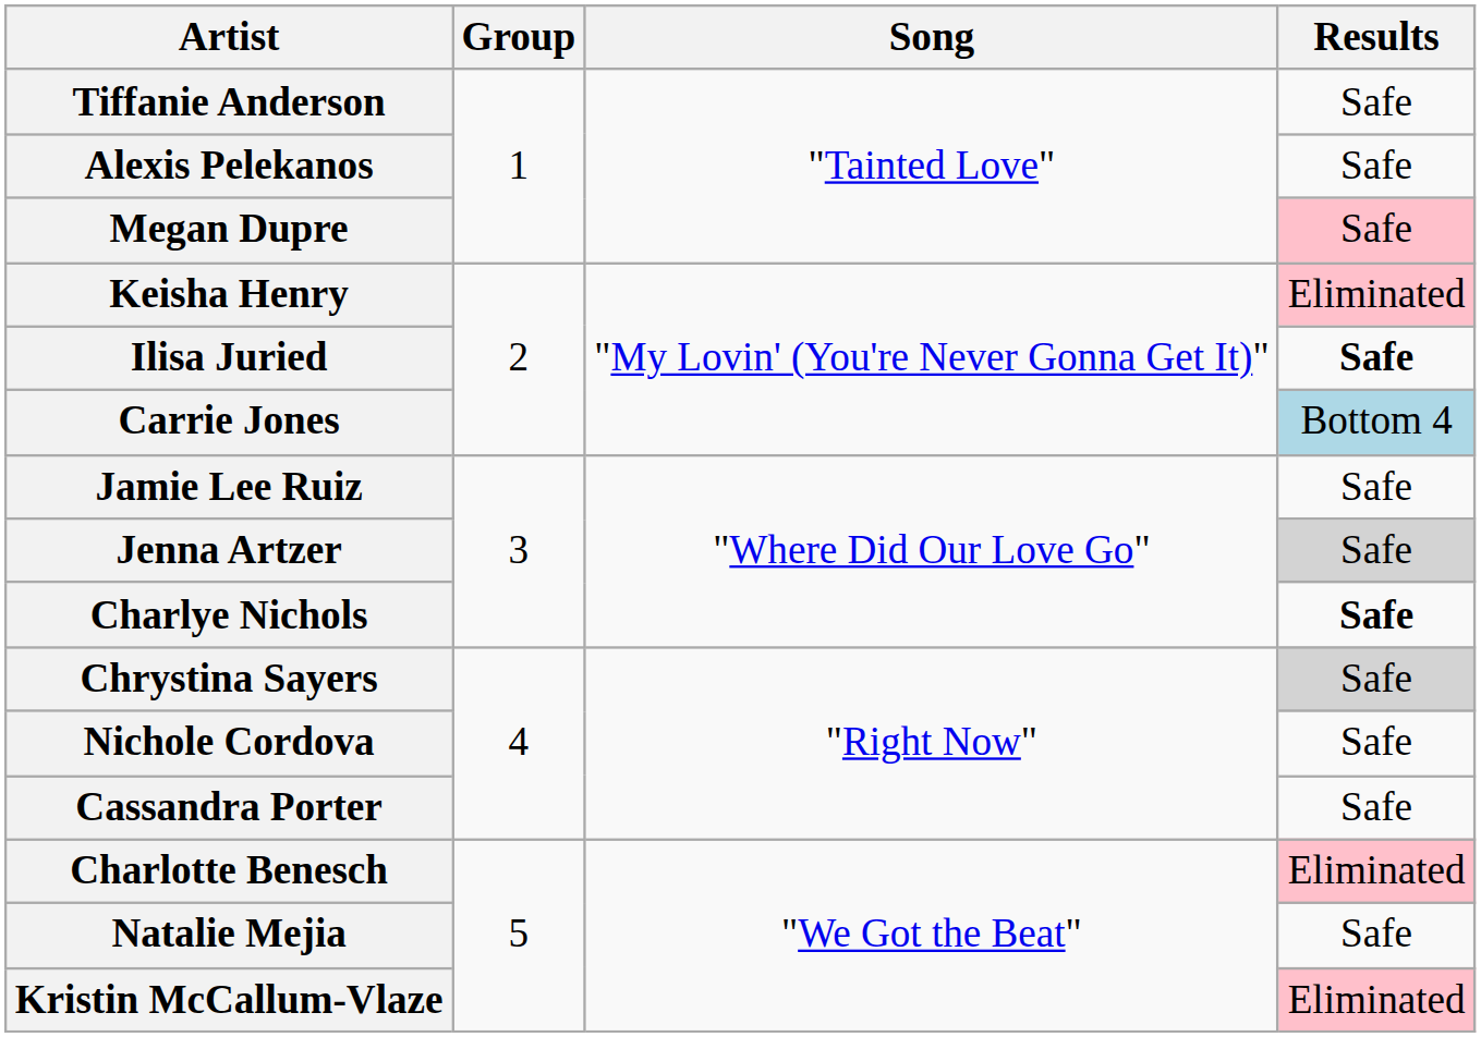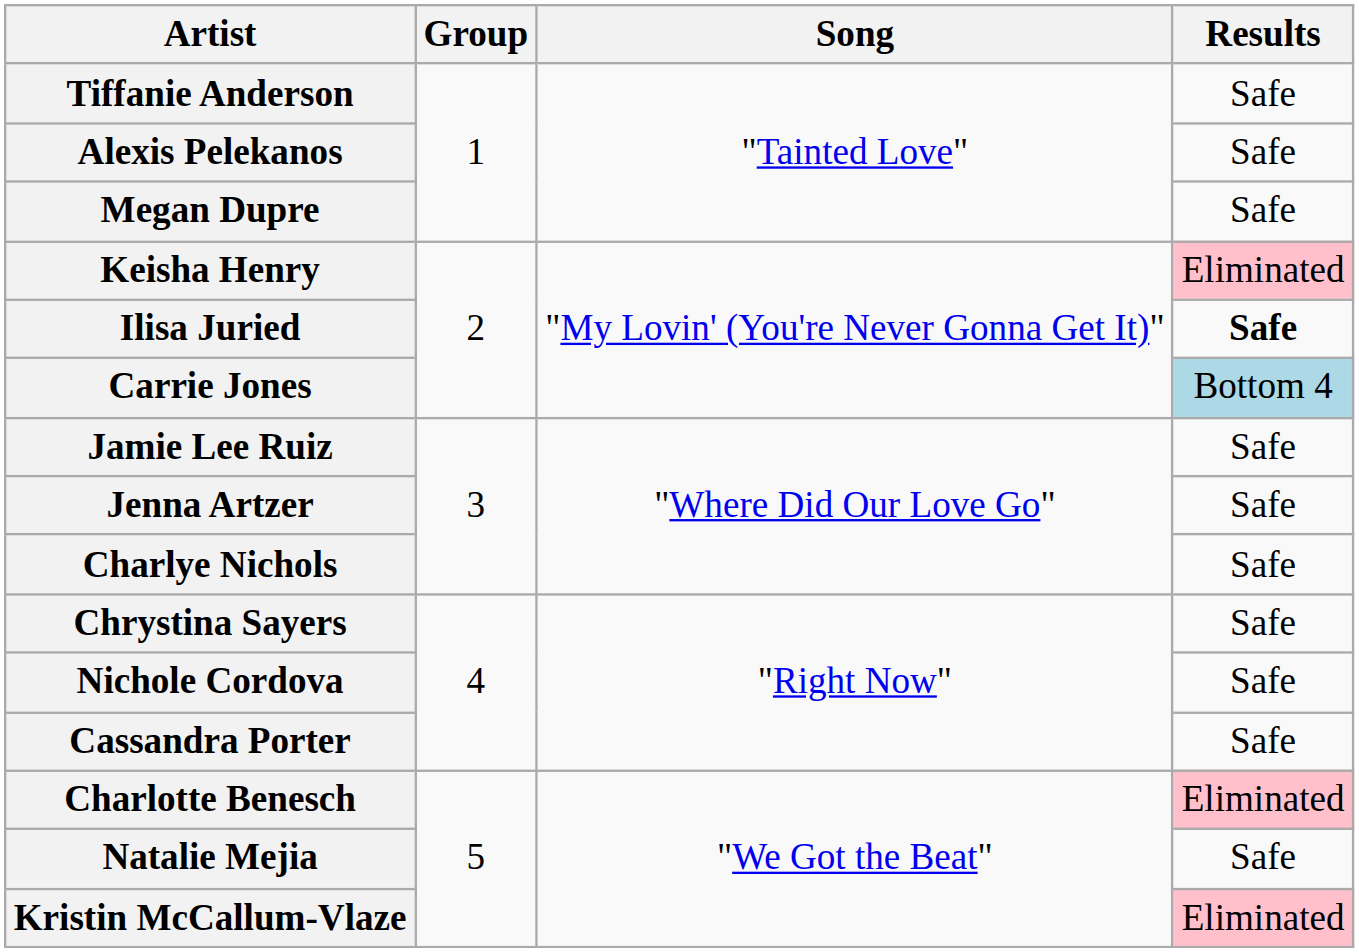 <table class="wikitable plainrowheaders" style="text-align:center;">
 <tr>
 <th scope="col">Artist</th>
 <th scope="col">Group</th>
 <th scope="col">Song</th>
 <th scope="col">Results</th>
 </tr>
 <tr>
 <th scope="row">Tiffanie Anderson</th>
 <td rowspan="3">1</td>
 <td rowspan="3">"<a href='#'>Tainted Love</a>"</td>
 <td>Safe</td>
 </tr>
 <tr>
 <th scope="row">Alexis Pelekanos</th>
 <td>Safe</td>
 </tr>
 <tr>
 <th scope="row">Megan Dupre</th>
-<td style="background: pink;">Safe</td>
+<td>Safe</td>
 </tr>
 <tr>
 <th scope="row">Keisha Henry</th>
 <td rowspan="3">2</td>
 <td rowspan="3">"<a href='#'>My Lovin' (You're Never Gonna Get It)</a>"</td>
 <td style="background:pink;">Eliminated</td>
 </tr>
 <tr>
 <th scope="row">Ilisa Juried</th>
 <td><strong>Safe</strong></td>
 </tr>
 <tr>
 <th scope="row">Carrie Jones</th>
 <td style="background:lightblue;">Bottom 4</td>
 </tr>
 <tr>
 <th scope="row">Jamie Lee Ruiz</th>
 <td rowspan="3">3</td>
 <td rowspan="3">"<a href='#'>Where Did Our Love Go</a>"</td>
 <td>Safe</td>
 </tr>
 <tr>
 <th scope="row">Jenna Artzer</th>
-<td style="background: lightgrey;">Safe</td>
+<td>Safe</td>
 </tr>
 <tr>
 <th scope="row">Charlye Nichols</th>
-<td><strong>Safe</strong></td>
+<td>Safe</td>
 </tr>
 <tr>
 <th scope="row">Chrystina Sayers</th>
 <td rowspan="3">4</td>
 <td rowspan="3">"<a href='#'>Right Now</a>"</td>
-<td style="background: lightgrey;">Safe</td>
+<td>Safe</td>
 </tr>
 <tr>
 <th scope="row">Nichole Cordova</th>
 <td>Safe</td>
 </tr>
 <tr>
 <th scope="row">Cassandra Porter</th>
 <td>Safe</td>
 </tr>
 <tr>
 <th scope="row">Charlotte Benesch</th>
 <td rowspan="3">5</td>
 <td rowspan="3">"<a href='#'>We Got the Beat</a>"</td>
 <td style="background:pink;">Eliminated</td>
 </tr>
 <tr>
 <th scope="row">Natalie Mejia</th>
 <td>Safe</td>
 </tr>
 <tr>
 <th scope="row">Kristin McCallum-Vlaze</th>
 <td style="background:pink;">Eliminated</td>
 </tr>
 </table>
